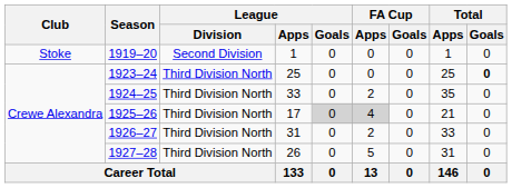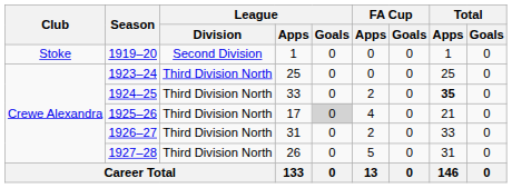 <table class="wikitable" style="text-align: center;">
 <tr>
 <th rowspan="2">Club</th>
 <th rowspan="2">Season</th>
 <th colspan="3">League</th>
 <th colspan="2">FA Cup</th>
 <th colspan="2">Total</th>
 </tr>
 <tr>
 <th>Division</th>
 <th>Apps</th>
 <th>Goals</th>
 <th>Apps</th>
 <th>Goals</th>
 <th>Apps</th>
 <th>Goals</th>
 </tr>
 <tr>
 <td><a href='#'>Stoke</a></td>
 <td><a href='#'>1919–20</a></td>
 <td><a href='#'>Second Division</a></td>
 <td>1</td>
 <td>0</td>
 <td>0</td>
 <td>0</td>
 <td>1</td>
 <td>0</td>
 </tr>
 <tr>
 <td rowspan="5"><a href='#'>Crewe Alexandra</a></td>
 <td><a href='#'>1923–24</a></td>
 <td><a href='#'>Third Division North</a></td>
 <td>25</td>
 <td>0</td>
 <td>0</td>
 <td>0</td>
 <td>25</td>
-<td><strong>0</strong></td>
+<td>0</td>
 </tr>
 <tr>
 <td><a href='#'>1924–25</a></td>
 <td>Third Division North</td>
 <td>33</td>
 <td>0</td>
 <td>2</td>
 <td>0</td>
-<td>35</td>
+<td><strong>35</strong></td>
 <td>0</td>
 </tr>
 <tr>
 <td><a href='#'>1925–26</a></td>
 <td>Third Division North</td>
 <td>17</td>
 <td style="background: lightgrey;">0</td>
-<td style="background: lightgrey;">4</td>
+<td>4</td>
 <td>0</td>
 <td>21</td>
 <td>0</td>
 </tr>
 <tr>
 <td><a href='#'>1926–27</a></td>
 <td>Third Division North</td>
 <td>31</td>
 <td>0</td>
 <td>2</td>
 <td>0</td>
 <td>33</td>
 <td>0</td>
 </tr>
 <tr>
 <td><a href='#'>1927–28</a></td>
 <td>Third Division North</td>
 <td>26</td>
 <td>0</td>
 <td>5</td>
 <td>0</td>
 <td>31</td>
 <td>0</td>
 </tr>
 <tr>
 <th colspan="3">Career Total</th>
 <th>133</th>
 <th>0</th>
 <th>13</th>
 <th>0</th>
 <th>146</th>
 <th>0</th>
 </tr>
 </table>
